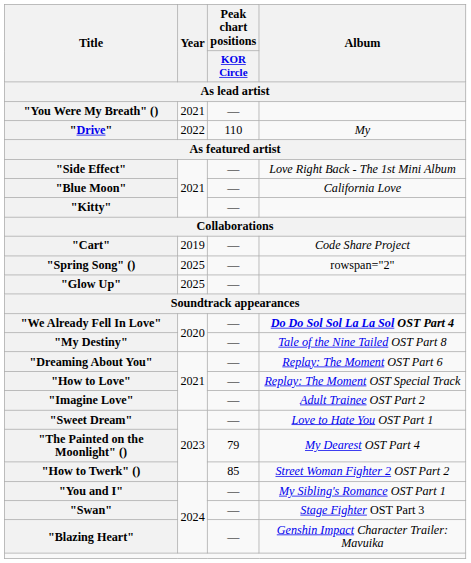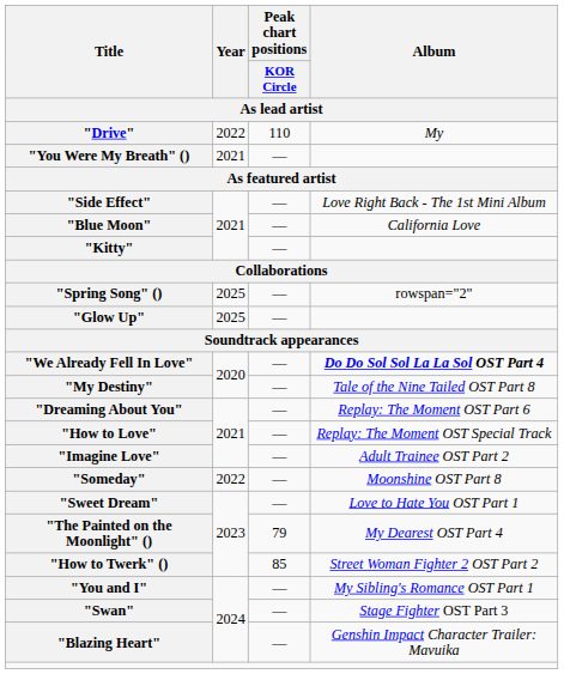 <table class="wikitable plainrowheaders" style="text-align:center">
 <tr>
 <th scope="col" rowspan="2">Title</th>
 <th scope="col" rowspan="2">Year</th>
 <th scope="col" colspan="1">Peak chart positions</th>
 <th scope="col" rowspan="2">Album</th>
 </tr>
 <tr>
 <th scope="col" style="font-size:90%; width:3em"><a href='#'>KOR<br>Circle</a><br></th>
 </tr>
 <tr>
 <th colspan="4">As lead artist</th>
 </tr>
 <tr>
+<th scope="row">"<a href='#'>Drive</a>"</th>
+<td>2022</td>
+<td>110</td>
+<td><em>My</em></td>
+</tr>
+<tr>
 <th scope="row">"You Were My Breath" ()</th>
 <td>2021</td>
 <td>—</td>
 <td></td>
-</tr>
-<tr>
-<th scope="row">"<a href='#'>Drive</a>"</th>
-<td>2022</td>
-<td>110</td>
-<td><em>My</em></td>
 </tr>
 <tr>
 <th colspan="4">As featured artist</th>
 </tr>
 <tr>
 <th scope="row">"Side Effect"<br></th>
 <td rowspan="3">2021</td>
 <td>—</td>
 <td><em>Love Right Back - The 1st Mini Album</em></td>
 </tr>
 <tr>
 <th scope="row">"Blue Moon"<br></th>
 <td>—</td>
 <td><em>California Love</em></td>
 </tr>
 <tr>
 <th scope="row">"Kitty"<br></th>
 <td>—</td>
 <td></td>
 </tr>
 <tr>
 <th colspan="4">Collaborations</th>
-</tr>
-<tr>
-<th scope="row">"Cart"<br></th>
-<td>2019</td>
-<td>—</td>
-<td><em>Code Share Project</em></td>
 </tr>
 <tr>
 <th scope="row">"Spring Song" ()<br></th>
 <td>2025</td>
 <td>—</td>
 <td>rowspan="2" </td>
 </tr>
 <tr>
 <th scope="row">"Glow Up"<br></th>
 <td>2025</td>
 <td>—</td>
 </tr>
 <tr>
 <th colspan="4">Soundtrack appearances</th>
 </tr>
 <tr>
 <th scope="row">"We Already Fell In Love"<br></th>
 <td rowspan="2">2020</td>
 <td>—</td>
 <td><strong><em><a href='#'>Do Do Sol Sol La La Sol</a> OST Part 4</em></strong></td>
 </tr>
 <tr>
 <th scope="row">"My Destiny"</th>
 <td>—</td>
 <td><em><a href='#'>Tale of the Nine Tailed</a> OST Part 8</em></td>
 </tr>
 <tr>
 <th scope="row">"Dreaming About You"</th>
 <td rowspan="3">2021</td>
 <td>—</td>
 <td><em><a href='#'>Replay: The Moment</a> OST Part 6</em></td>
 </tr>
 <tr>
 <th scope="row">"How to Love"</th>
 <td>—</td>
 <td><em><a href='#'>Replay: The Moment</a> OST Special Track</em></td>
 </tr>
 <tr>
 <th scope="row">"Imagine Love"</th>
 <td>—</td>
 <td><em><a href='#'>Adult Trainee</a> OST Part 2</em></td>
 </tr>
 <tr>
+<th scope="row">"Someday"</th>
+<td>2022</td>
+<td>—</td>
+<td><em><a href='#'>Moonshine</a> OST Part 8</em></td>
+</tr>
+<tr>
 <th scope="row">"Sweet Dream" <br></th>
 <td rowspan="3">2023</td>
 <td>—</td>
 <td><em><a href='#'>Love to Hate You</a> OST Part 1</em></td>
 </tr>
 <tr>
 <th scope="row">"The Painted on the Moonlight" ()</th>
 <td>79</td>
 <td><em><a href='#'>My Dearest</a> OST Part 4</em></td>
 </tr>
 <tr>
 <th scope="row">"How to Twerk" ()<br></th>
 <td>85</td>
 <td><em><a href='#'>Street Woman Fighter 2</a> OST Part 2</em></td>
 </tr>
 <tr>
 <th scope="row">"You and I"</th>
 <td rowspan="3">2024</td>
 <td>—</td>
 <td><em><a href='#'>My Sibling's Romance</a> OST Part 1</em></td>
 </tr>
 <tr>
 <th scope="row">"Swan"</th>
 <td>—</td>
 <td><em><a href='#'>Stage Fighter</a></em> OST Part 3</td>
 </tr>
 <tr>
 <th scope="row">"Blazing Heart"<br></th>
 <td>—</td>
 <td><em><a href='#'>Genshin Impact</a> Character Trailer: Mavuika</em></td>
 </tr>
 <tr>
 <td colspan="4"></td>
 </tr>
 </table>
